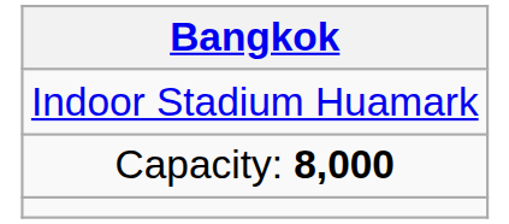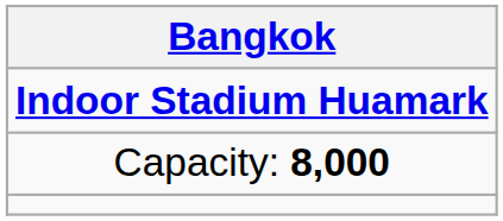 <table class="wikitable" style="text-align:center;margin:1em auto;">
 <tr>
 <th><a href='#'>Bangkok</a></th>
 </tr>
 <tr>
-<td><a href='#'>Indoor Stadium Huamark</a></td>
+<td><strong><a href='#'>Indoor Stadium Huamark</a></strong></td>
 </tr>
 <tr>
 <td>Capacity: <strong>8,000</strong></td>
 </tr>
 <tr>
 <td></td>
 </tr>
 </table>
